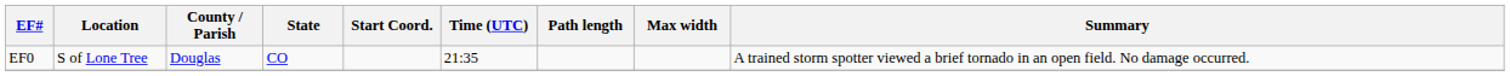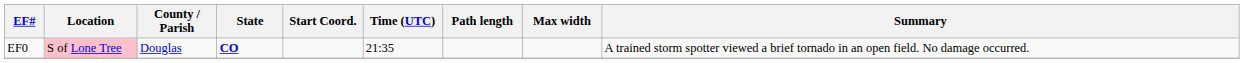 <table class="wikitable sortable" style="width:100%;">
 <tr>
 <th scope="col"  style="width:3%; text-align:center;"><a href='#'>EF#</a></th>
 <th scope="col"  style="width:7%; text-align:center;" class="unsortable">Location</th>
 <th scope="col"  style="width:6%; text-align:center;" class="unsortable">County / Parish</th>
 <th scope="col"  style="width:5%; text-align:center;">State</th>
 <th scope="col"  style="width:6%; text-align:center;">Start Coord.</th>
 <th scope="col"  style="width:6%; text-align:center;">Time (<a href='#'>UTC</a>)</th>
 <th scope="col"  style="width:6%; text-align:center;">Path length</th>
 <th scope="col"  style="width:6%; text-align:center;">Max width</th>
 <th scope="col" class="unsortable" style="width:48%; text-align:center;">Summary</th>
 </tr>
 <tr>
 <td bgcolor=>EF0</td>
-<td>S of <a href='#'>Lone Tree</a></td>
+<td style="background: pink;">S of <a href='#'>Lone Tree</a></td>
 <td><a href='#'>Douglas</a></td>
-<td><a href='#'>CO</a></td>
+<td><strong><a href='#'>CO</a></strong></td>
 <td></td>
 <td>21:35</td>
 <td></td>
 <td></td>
 <td>A trained storm spotter viewed a brief tornado in an open field. No damage occurred.</td>
 </tr>
 <tr>
 </tr>
 </table>
